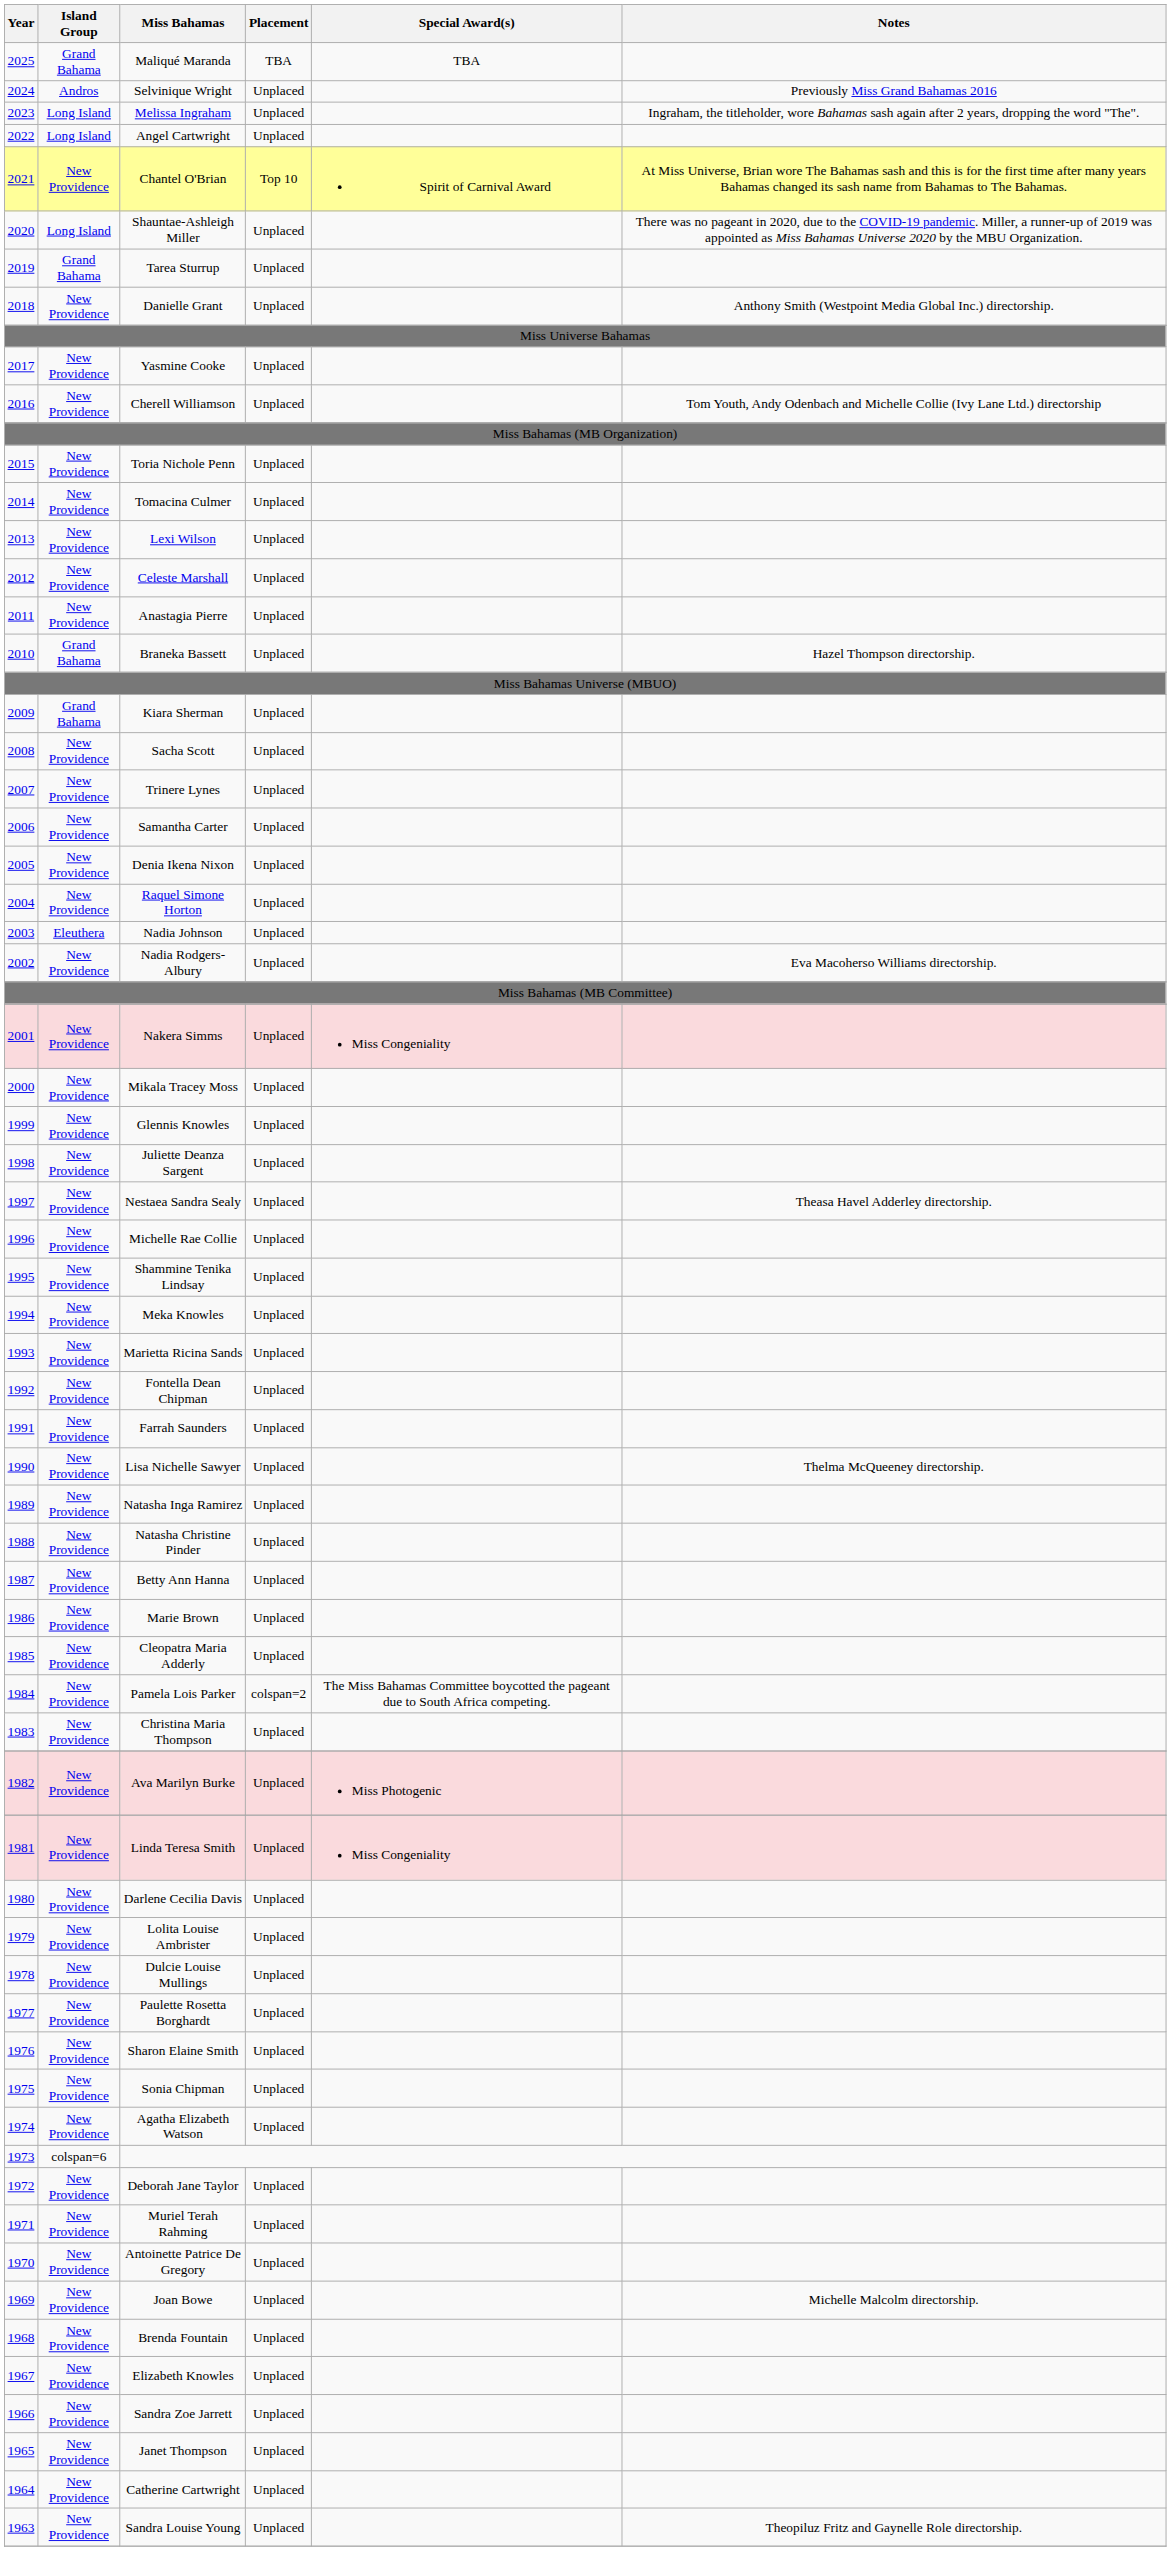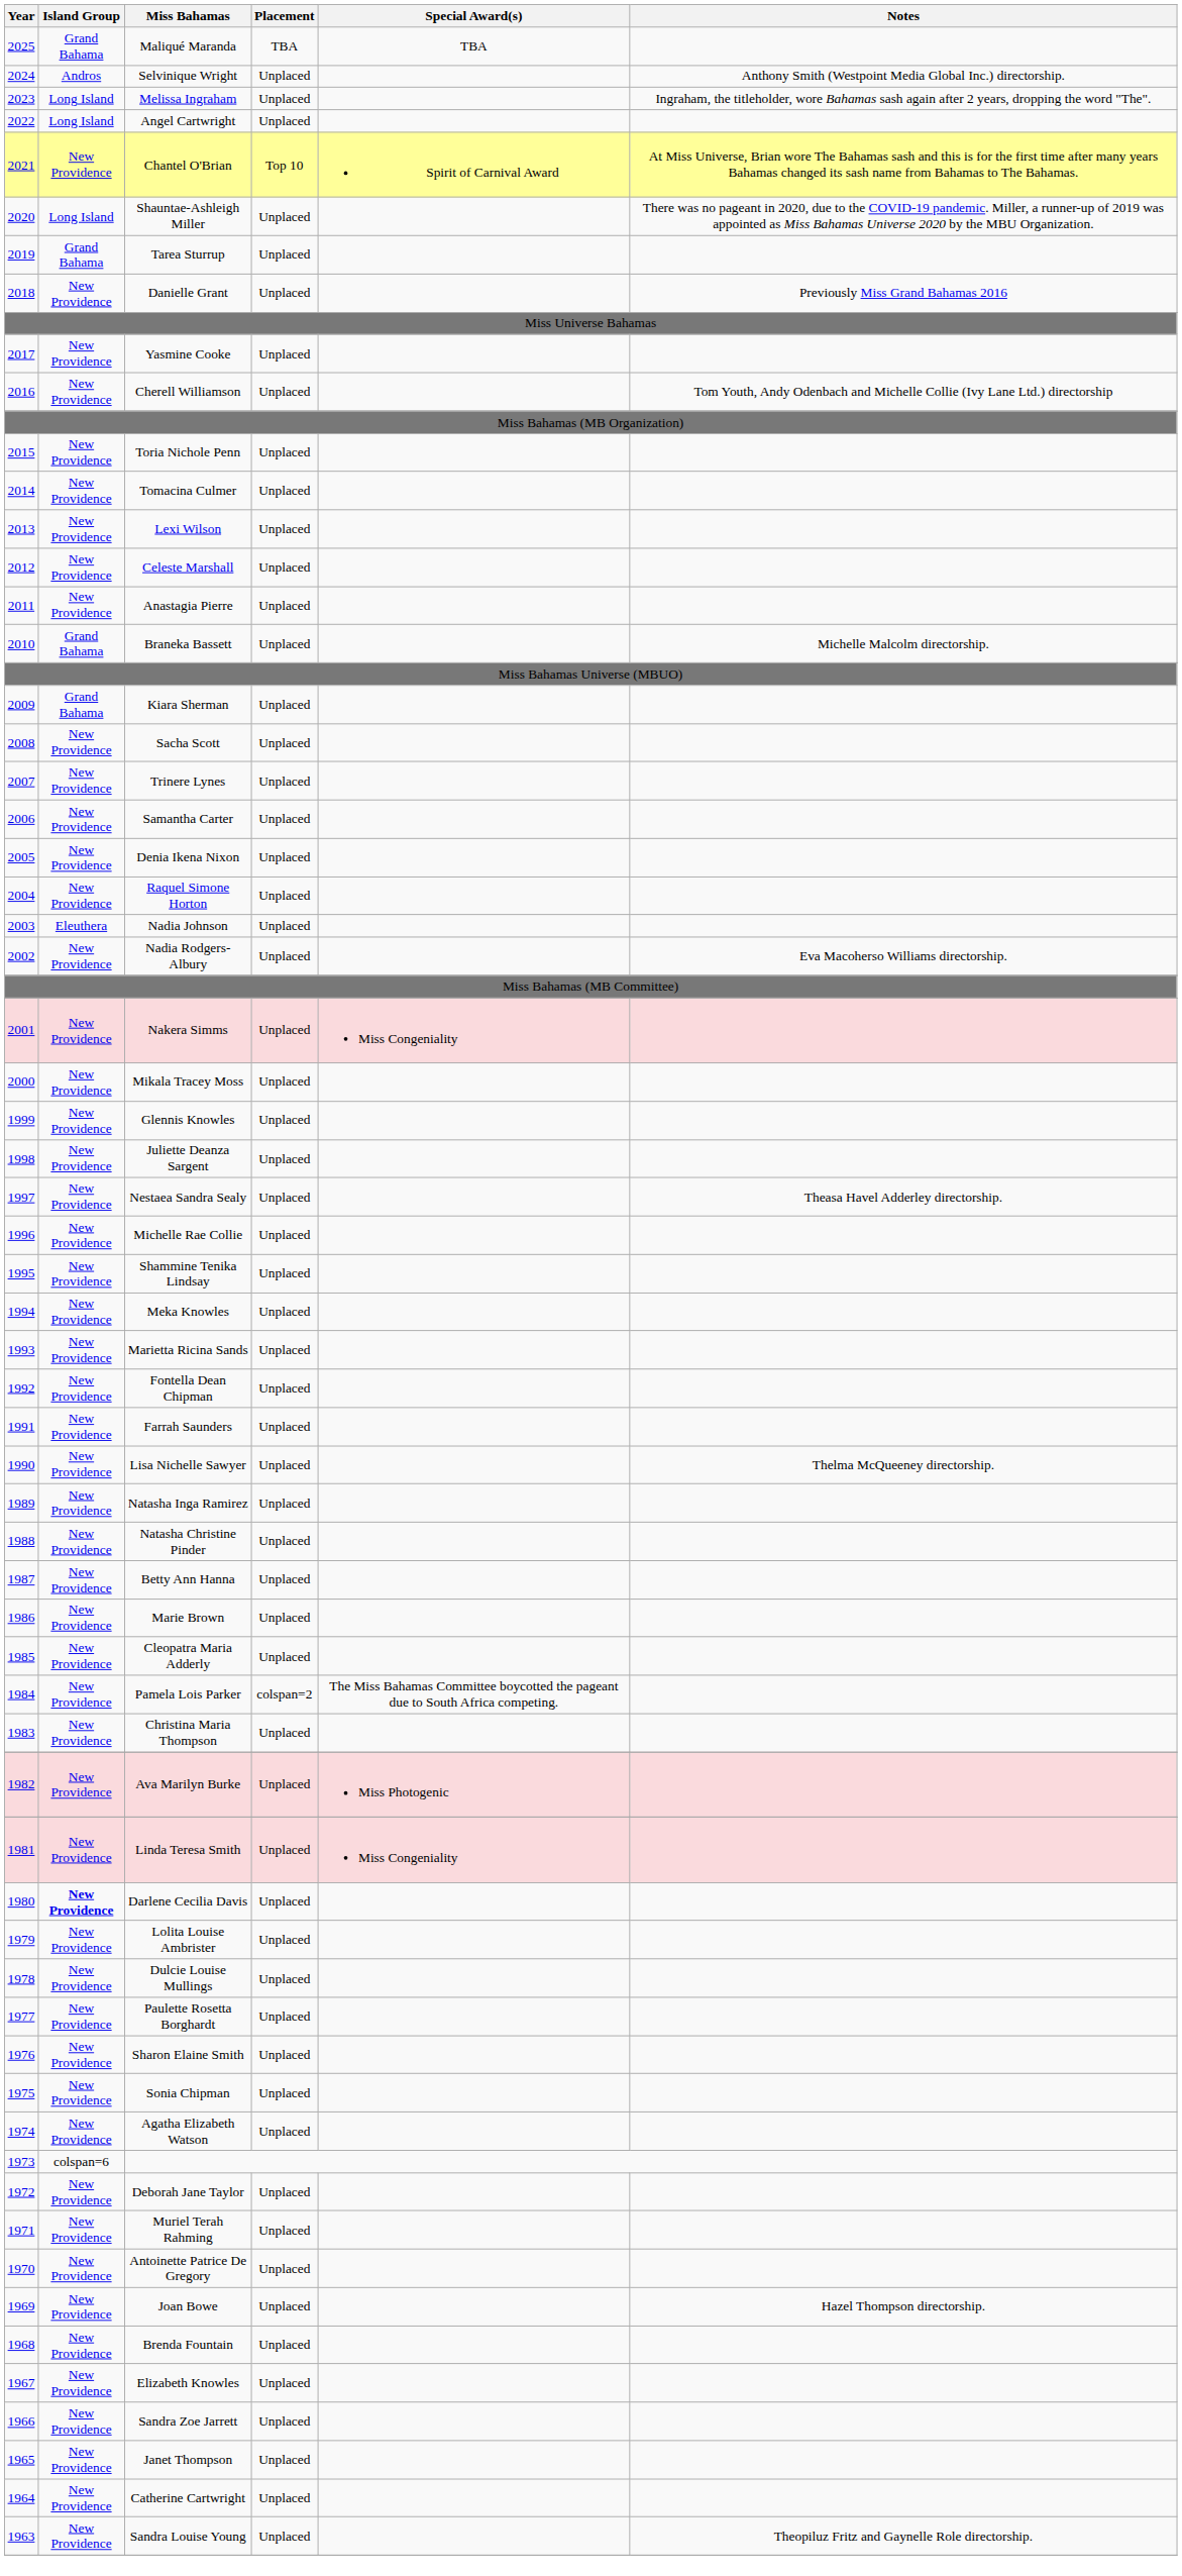 <table class="wikitable " style="font-size: 90%; text-align:center;">
 <tr>
 <th>Year</th>
 <th>Island Group</th>
 <th>Miss Bahamas</th>
 <th>Placement</th>
 <th>Special Award(s)</th>
 <th>Notes</th>
 </tr>
 <tr>
 <td><a href='#'>2025</a></td>
 <td><a href='#'>Grand Bahama</a></td>
 <td>Maliqué Maranda</td>
 <td>TBA</td>
 <td>TBA</td>
 <td></td>
 </tr>
 <tr>
 <td><a href='#'>2024</a></td>
 <td><a href='#'>Andros</a></td>
 <td>Selvinique Wright</td>
 <td>Unplaced</td>
 <td></td>
-<td>Previously <a href='#'>Miss Grand Bahamas 2016</a></td>
+<td>Anthony Smith (Westpoint Media Global Inc.) directorship.</td>
 </tr>
 <tr>
 <td><a href='#'>2023</a></td>
 <td><a href='#'>Long Island</a></td>
 <td><a href='#'>Melissa Ingraham</a></td>
 <td>Unplaced</td>
 <td></td>
 <td>Ingraham, the titleholder, wore <em>Bahamas</em> sash again after 2 years, dropping the word "The".</td>
 </tr>
 <tr>
 <td><a href='#'>2022</a></td>
 <td><a href='#'>Long Island</a></td>
 <td>Angel Cartwright</td>
 <td>Unplaced</td>
 <td></td>
 <td></td>
 </tr>
 <tr style="background-color:#FFFF99;">
 <td><a href='#'>2021</a></td>
 <td><a href='#'>New Providence</a></td>
 <td>Chantel O'Brian</td>
 <td>Top 10</td>
 <td><br><ul><li>Spirit of Carnival Award</li></ul></td>
 <td>At Miss Universe, Brian wore The Bahamas sash and this is for the first time after many years Bahamas changed its sash name from Bahamas to The Bahamas.</td>
 </tr>
 <tr>
 <td><a href='#'>2020</a></td>
 <td><a href='#'>Long Island</a></td>
 <td>Shauntae-Ashleigh Miller</td>
 <td>Unplaced</td>
 <td></td>
 <td>There was no pageant in 2020, due to the <a href='#'>COVID-19 pandemic</a>. Miller, a runner-up of 2019 was appointed as <em>Miss Bahamas Universe 2020</em> by the MBU Organization.</td>
 </tr>
 <tr>
 <td><a href='#'>2019</a></td>
 <td><a href='#'>Grand Bahama</a></td>
 <td>Tarea Sturrup</td>
 <td>Unplaced</td>
 <td></td>
 <td></td>
 </tr>
 <tr>
 <td><a href='#'>2018</a></td>
 <td><a href='#'>New Providence</a></td>
 <td>Danielle Grant</td>
 <td>Unplaced</td>
 <td></td>
-<td>Anthony Smith (Westpoint Media Global Inc.) directorship.</td>
+<td>Previously <a href='#'>Miss Grand Bahamas 2016</a></td>
 </tr>
 <tr>
 </tr>
 <tr bgcolor="#787878" align="center">
 <td colspan="6"><span>Miss Universe Bahamas</span></td>
 </tr>
 <tr>
 <td><a href='#'>2017</a></td>
 <td><a href='#'>New Providence</a></td>
 <td>Yasmine Cooke</td>
 <td>Unplaced</td>
 <td></td>
 <td></td>
 </tr>
 <tr>
 <td><a href='#'>2016</a></td>
 <td><a href='#'>New Providence</a></td>
 <td>Cherell Williamson</td>
 <td>Unplaced</td>
 <td></td>
 <td>Tom Youth, Andy Odenbach and Michelle Collie (Ivy Lane Ltd.) directorship</td>
 </tr>
 <tr>
 </tr>
 <tr bgcolor="#787878" align="center">
 <td colspan="6"><span>Miss Bahamas (MB Organization)</span></td>
 </tr>
 <tr>
 <td><a href='#'>2015</a></td>
 <td><a href='#'>New Providence</a></td>
 <td>Toria Nichole Penn</td>
 <td>Unplaced</td>
 <td></td>
 <td></td>
 </tr>
 <tr>
 <td><a href='#'>2014</a></td>
 <td><a href='#'>New Providence</a></td>
 <td>Tomacina Culmer</td>
 <td>Unplaced</td>
 <td></td>
 <td></td>
 </tr>
 <tr>
 <td><a href='#'>2013</a></td>
 <td><a href='#'>New Providence</a></td>
 <td><a href='#'>Lexi Wilson</a></td>
 <td>Unplaced</td>
 <td></td>
 <td></td>
 </tr>
 <tr>
 <td><a href='#'>2012</a></td>
 <td><a href='#'>New Providence</a></td>
 <td><a href='#'>Celeste Marshall</a></td>
 <td>Unplaced</td>
 <td></td>
 <td></td>
 </tr>
 <tr>
 <td><a href='#'>2011</a></td>
 <td><a href='#'>New Providence</a></td>
 <td>Anastagia Pierre</td>
 <td>Unplaced</td>
 <td></td>
 <td></td>
 </tr>
 <tr>
 <td><a href='#'>2010</a></td>
 <td><a href='#'>Grand Bahama</a></td>
 <td>Braneka Bassett</td>
 <td>Unplaced</td>
 <td></td>
-<td>Hazel Thompson directorship.</td>
+<td>Michelle Malcolm directorship.</td>
 </tr>
 <tr>
 </tr>
 <tr bgcolor="#787878" align="center">
 <td colspan="6"><span>Miss Bahamas Universe (MBUO)</span></td>
 </tr>
 <tr>
 <td><a href='#'>2009</a></td>
 <td><a href='#'>Grand Bahama</a></td>
 <td>Kiara Sherman</td>
 <td>Unplaced</td>
 <td></td>
 <td></td>
 </tr>
 <tr>
 <td><a href='#'>2008</a></td>
 <td><a href='#'>New Providence</a></td>
 <td>Sacha Scott</td>
 <td>Unplaced</td>
 <td></td>
 <td></td>
 </tr>
 <tr>
 <td><a href='#'>2007</a></td>
 <td><a href='#'>New Providence</a></td>
 <td>Trinere Lynes</td>
 <td>Unplaced</td>
 <td></td>
 <td></td>
 </tr>
 <tr>
 <td><a href='#'>2006</a></td>
 <td><a href='#'>New Providence</a></td>
 <td>Samantha Carter</td>
 <td>Unplaced</td>
 <td></td>
 <td></td>
 </tr>
 <tr>
 <td><a href='#'>2005</a></td>
 <td><a href='#'>New Providence</a></td>
 <td>Denia Ikena Nixon</td>
 <td>Unplaced</td>
 <td></td>
 <td></td>
 </tr>
 <tr>
 <td><a href='#'>2004</a></td>
 <td><a href='#'>New Providence</a></td>
 <td><a href='#'>Raquel Simone Horton</a></td>
 <td>Unplaced</td>
 <td></td>
 <td></td>
 </tr>
 <tr>
 <td><a href='#'>2003</a></td>
 <td><a href='#'>Eleuthera</a></td>
 <td>Nadia Johnson</td>
 <td>Unplaced</td>
 <td></td>
 <td></td>
 </tr>
 <tr>
 <td><a href='#'>2002</a></td>
 <td><a href='#'>New Providence</a></td>
 <td>Nadia Rodgers-Albury</td>
 <td>Unplaced</td>
 <td></td>
 <td>Eva Macoherso Williams directorship.</td>
 </tr>
 <tr>
 </tr>
 <tr bgcolor="#787878" align="center">
 <td colspan="6"><span>Miss Bahamas (MB Committee)</span></td>
 </tr>
 <tr>
 </tr>
 <tr style="background-color:#FADADD; ">
 <td><a href='#'>2001</a></td>
 <td><a href='#'>New Providence</a></td>
 <td>Nakera Simms</td>
 <td>Unplaced</td>
 <td align="left"><br><ul><li>Miss Congeniality</li></ul></td>
 <td></td>
 </tr>
 <tr>
 <td><a href='#'>2000</a></td>
 <td><a href='#'>New Providence</a></td>
 <td>Mikala Tracey Moss</td>
 <td>Unplaced</td>
 <td></td>
 <td></td>
 </tr>
 <tr>
 <td><a href='#'>1999</a></td>
 <td><a href='#'>New Providence</a></td>
 <td>Glennis Knowles</td>
 <td>Unplaced</td>
 <td></td>
 <td></td>
 </tr>
 <tr>
 <td><a href='#'>1998</a></td>
 <td><a href='#'>New Providence</a></td>
 <td>Juliette Deanza Sargent</td>
 <td>Unplaced</td>
 <td></td>
 <td></td>
 </tr>
 <tr>
 <td><a href='#'>1997</a></td>
 <td><a href='#'>New Providence</a></td>
 <td>Nestaea Sandra Sealy</td>
 <td>Unplaced</td>
 <td></td>
 <td>Theasa Havel Adderley directorship.</td>
 </tr>
 <tr>
 <td><a href='#'>1996</a></td>
 <td><a href='#'>New Providence</a></td>
 <td>Michelle Rae Collie</td>
 <td>Unplaced</td>
 <td></td>
 <td></td>
 </tr>
 <tr>
 <td><a href='#'>1995</a></td>
 <td><a href='#'>New Providence</a></td>
 <td>Shammine Tenika Lindsay</td>
 <td>Unplaced</td>
 <td></td>
 <td></td>
 </tr>
 <tr>
 <td><a href='#'>1994</a></td>
 <td><a href='#'>New Providence</a></td>
 <td>Meka Knowles</td>
 <td>Unplaced</td>
 <td></td>
 <td></td>
 </tr>
 <tr>
 <td><a href='#'>1993</a></td>
 <td><a href='#'>New Providence</a></td>
 <td>Marietta Ricina Sands</td>
 <td>Unplaced</td>
 <td></td>
 <td></td>
 </tr>
 <tr>
 <td><a href='#'>1992</a></td>
 <td><a href='#'>New Providence</a></td>
 <td>Fontella Dean Chipman</td>
 <td>Unplaced</td>
 <td></td>
 <td></td>
 </tr>
 <tr>
 <td><a href='#'>1991</a></td>
 <td><a href='#'>New Providence</a></td>
 <td>Farrah Saunders</td>
 <td>Unplaced</td>
 <td></td>
 <td></td>
 </tr>
 <tr>
 <td><a href='#'>1990</a></td>
 <td><a href='#'>New Providence</a></td>
 <td>Lisa Nichelle Sawyer</td>
 <td>Unplaced</td>
 <td></td>
 <td>Thelma McQueeney directorship.</td>
 </tr>
 <tr>
 <td><a href='#'>1989</a></td>
 <td><a href='#'>New Providence</a></td>
 <td>Natasha Inga Ramirez</td>
 <td>Unplaced</td>
 <td></td>
 <td></td>
 </tr>
 <tr>
 <td><a href='#'>1988</a></td>
 <td><a href='#'>New Providence</a></td>
 <td>Natasha Christine Pinder</td>
 <td>Unplaced</td>
 <td></td>
 <td></td>
 </tr>
 <tr>
 <td><a href='#'>1987</a></td>
 <td><a href='#'>New Providence</a></td>
 <td>Betty Ann Hanna</td>
 <td>Unplaced</td>
 <td></td>
 <td></td>
 </tr>
 <tr>
 <td><a href='#'>1986</a></td>
 <td><a href='#'>New Providence</a></td>
 <td>Marie Brown</td>
 <td>Unplaced</td>
 <td></td>
 <td></td>
 </tr>
 <tr>
 <td><a href='#'>1985</a></td>
 <td><a href='#'>New Providence</a></td>
 <td>Cleopatra Maria Adderly</td>
 <td>Unplaced</td>
 <td></td>
 <td></td>
 </tr>
 <tr>
 <td><a href='#'>1984</a></td>
 <td><a href='#'>New Providence</a></td>
 <td>Pamela Lois Parker</td>
 <td>colspan=2 </td>
 <td>The Miss Bahamas Committee boycotted the pageant due to South Africa competing.</td>
 </tr>
 <tr>
 <td><a href='#'>1983</a></td>
 <td><a href='#'>New Providence</a></td>
 <td>Christina Maria Thompson</td>
 <td>Unplaced</td>
 <td></td>
 <td></td>
 </tr>
 <tr>
 </tr>
 <tr style="background-color:#FADADD; ">
 <td><a href='#'>1982</a></td>
 <td><a href='#'>New Providence</a></td>
 <td>Ava Marilyn Burke</td>
 <td>Unplaced</td>
 <td align="left"><br><ul><li>Miss Photogenic</li></ul></td>
 <td></td>
 </tr>
 <tr>
 </tr>
 <tr style="background-color:#FADADD; ">
 <td><a href='#'>1981</a></td>
 <td><a href='#'>New Providence</a></td>
 <td>Linda Teresa Smith</td>
 <td>Unplaced</td>
 <td align="left"><br><ul><li>Miss Congeniality</li></ul></td>
 <td></td>
 </tr>
 <tr>
 <td><a href='#'>1980</a></td>
-<td><a href='#'>New Providence</a></td>
+<td><strong><a href='#'>New Providence</a></strong></td>
 <td>Darlene Cecilia Davis</td>
 <td>Unplaced</td>
 <td></td>
 <td></td>
 </tr>
 <tr>
 <td><a href='#'>1979</a></td>
 <td><a href='#'>New Providence</a></td>
 <td>Lolita Louise Ambrister</td>
 <td>Unplaced</td>
 <td></td>
 <td></td>
 </tr>
 <tr>
 <td><a href='#'>1978</a></td>
 <td><a href='#'>New Providence</a></td>
 <td>Dulcie Louise Mullings</td>
 <td>Unplaced</td>
 <td></td>
 <td></td>
 </tr>
 <tr>
 <td><a href='#'>1977</a></td>
 <td><a href='#'>New Providence</a></td>
 <td>Paulette Rosetta Borghardt</td>
 <td>Unplaced</td>
 <td></td>
 <td></td>
 </tr>
 <tr>
 <td><a href='#'>1976</a></td>
 <td><a href='#'>New Providence</a></td>
 <td>Sharon Elaine Smith</td>
 <td>Unplaced</td>
 <td></td>
 <td></td>
 </tr>
 <tr>
 <td><a href='#'>1975</a></td>
 <td><a href='#'>New Providence</a></td>
 <td>Sonia Chipman</td>
 <td>Unplaced</td>
 <td></td>
 <td></td>
 </tr>
 <tr>
 <td><a href='#'>1974</a></td>
 <td><a href='#'>New Providence</a></td>
 <td>Agatha Elizabeth Watson</td>
 <td>Unplaced</td>
 <td></td>
 <td></td>
 </tr>
 <tr>
 <td><a href='#'>1973</a></td>
 <td>colspan=6 </td>
 </tr>
 <tr>
 <td><a href='#'>1972</a></td>
 <td><a href='#'>New Providence</a></td>
 <td>Deborah Jane Taylor</td>
 <td>Unplaced</td>
 <td></td>
 <td></td>
 </tr>
 <tr>
 <td><a href='#'>1971</a></td>
 <td><a href='#'>New Providence</a></td>
 <td>Muriel Terah Rahming</td>
 <td>Unplaced</td>
 <td></td>
 <td></td>
 </tr>
 <tr>
 <td><a href='#'>1970</a></td>
 <td><a href='#'>New Providence</a></td>
 <td>Antoinette Patrice De Gregory</td>
 <td>Unplaced</td>
 <td></td>
 <td></td>
 </tr>
 <tr>
 <td><a href='#'>1969</a></td>
 <td><a href='#'>New Providence</a></td>
 <td>Joan Bowe</td>
 <td>Unplaced</td>
 <td></td>
-<td>Michelle Malcolm directorship.</td>
+<td>Hazel Thompson directorship.</td>
 </tr>
 <tr>
 <td><a href='#'>1968</a></td>
 <td><a href='#'>New Providence</a></td>
 <td>Brenda Fountain</td>
 <td>Unplaced</td>
 <td></td>
 <td></td>
 </tr>
 <tr>
 <td><a href='#'>1967</a></td>
 <td><a href='#'>New Providence</a></td>
 <td>Elizabeth Knowles</td>
 <td>Unplaced</td>
 <td></td>
 <td></td>
 </tr>
 <tr>
 <td><a href='#'>1966</a></td>
 <td><a href='#'>New Providence</a></td>
 <td>Sandra Zoe Jarrett</td>
 <td>Unplaced</td>
 <td></td>
 <td></td>
 </tr>
 <tr>
 <td><a href='#'>1965</a></td>
 <td><a href='#'>New Providence</a></td>
 <td>Janet Thompson</td>
 <td>Unplaced</td>
 <td></td>
 <td></td>
 </tr>
 <tr>
 <td><a href='#'>1964</a></td>
 <td><a href='#'>New Providence</a></td>
 <td>Catherine Cartwright</td>
 <td>Unplaced</td>
 <td></td>
 <td></td>
 </tr>
 <tr>
 <td><a href='#'>1963</a></td>
 <td><a href='#'>New Providence</a></td>
 <td>Sandra Louise Young</td>
 <td>Unplaced</td>
 <td></td>
 <td>Theopiluz Fritz and Gaynelle Role directorship.</td>
 </tr>
 <tr>
 </tr>
 </table>
